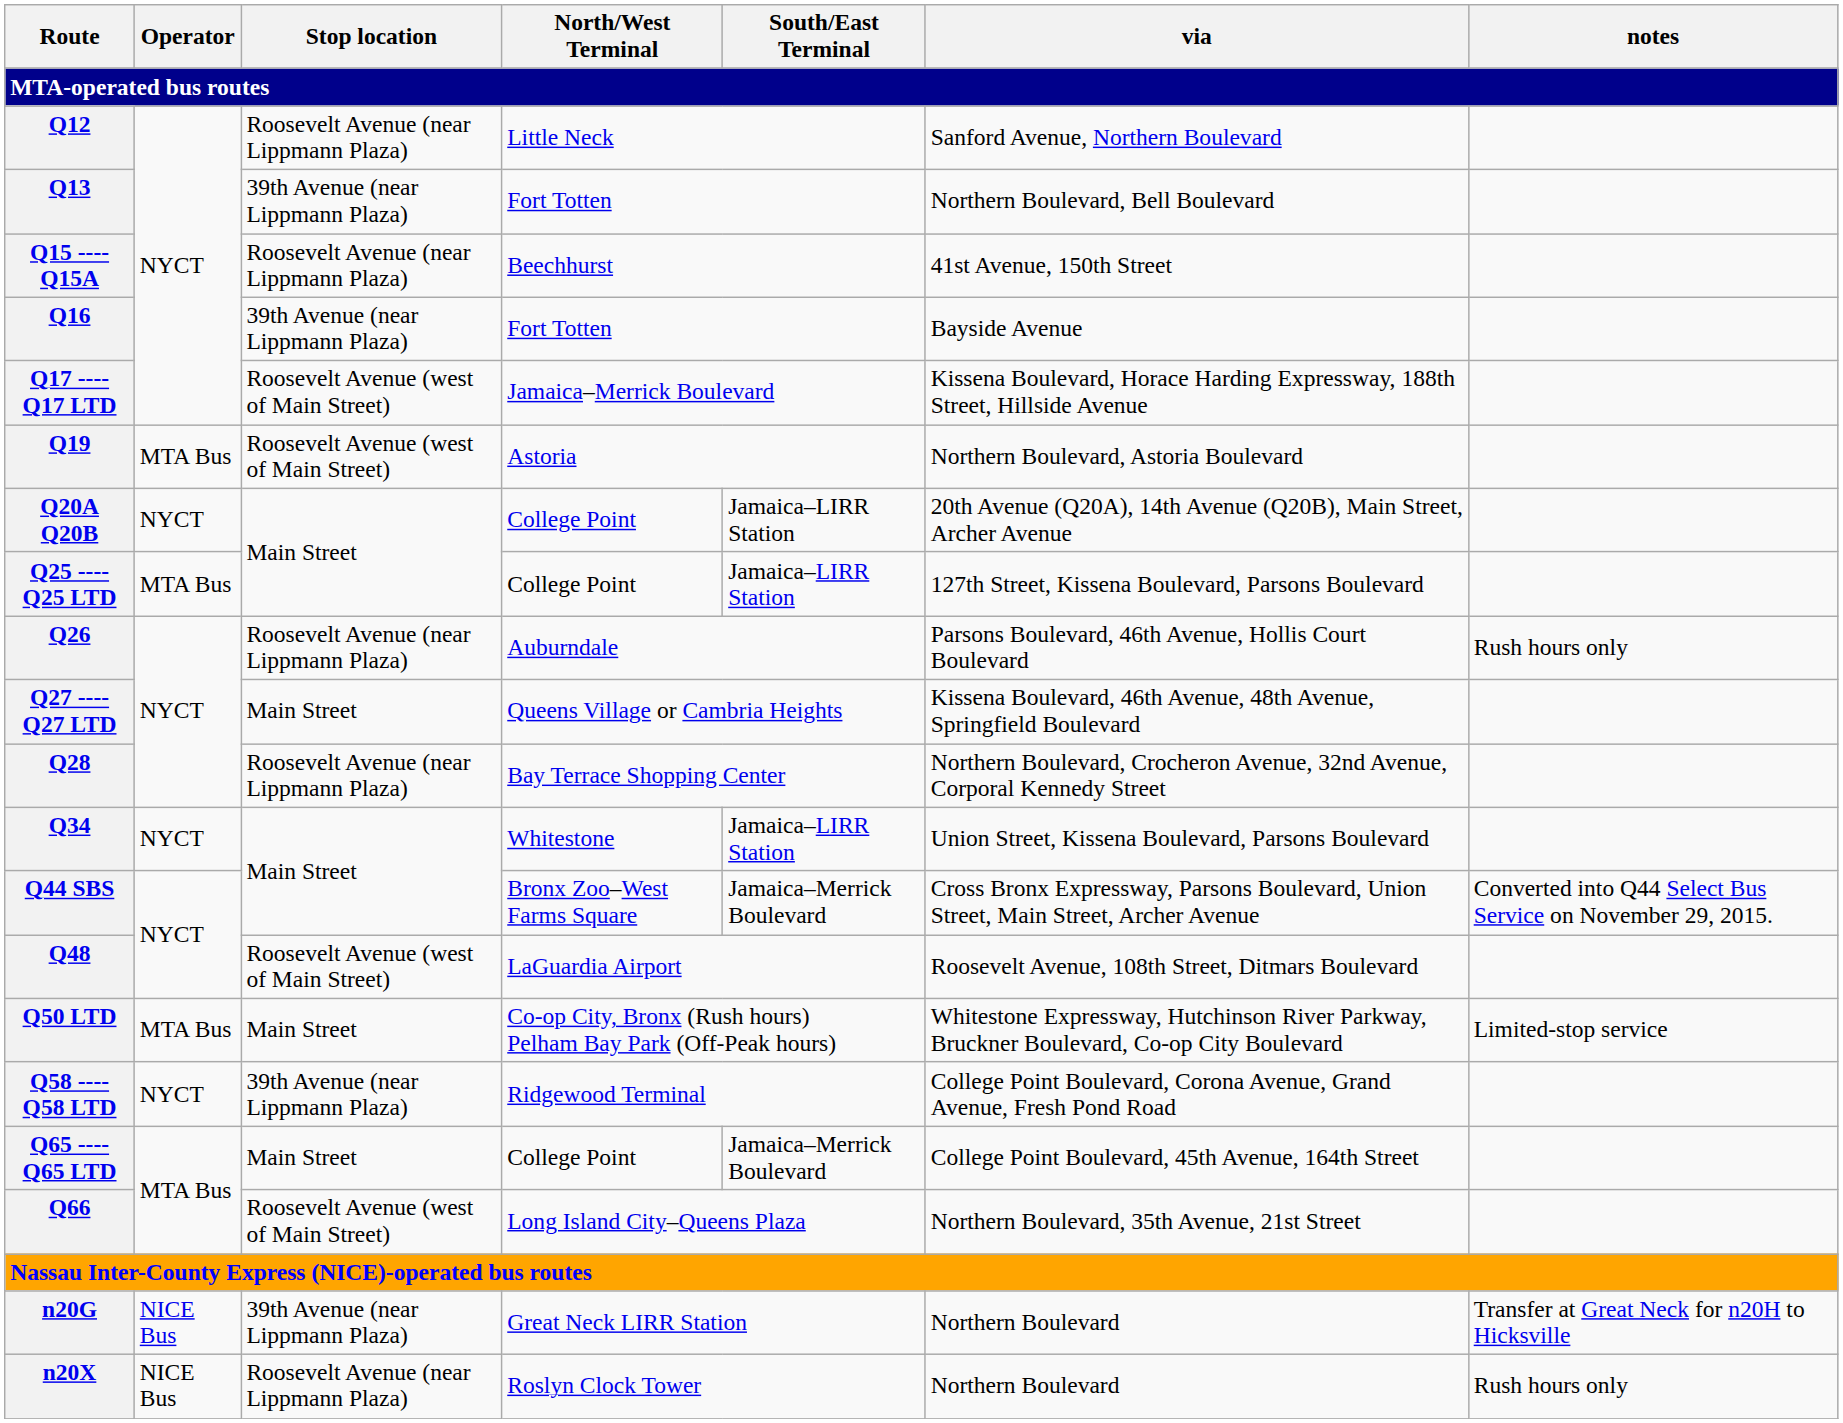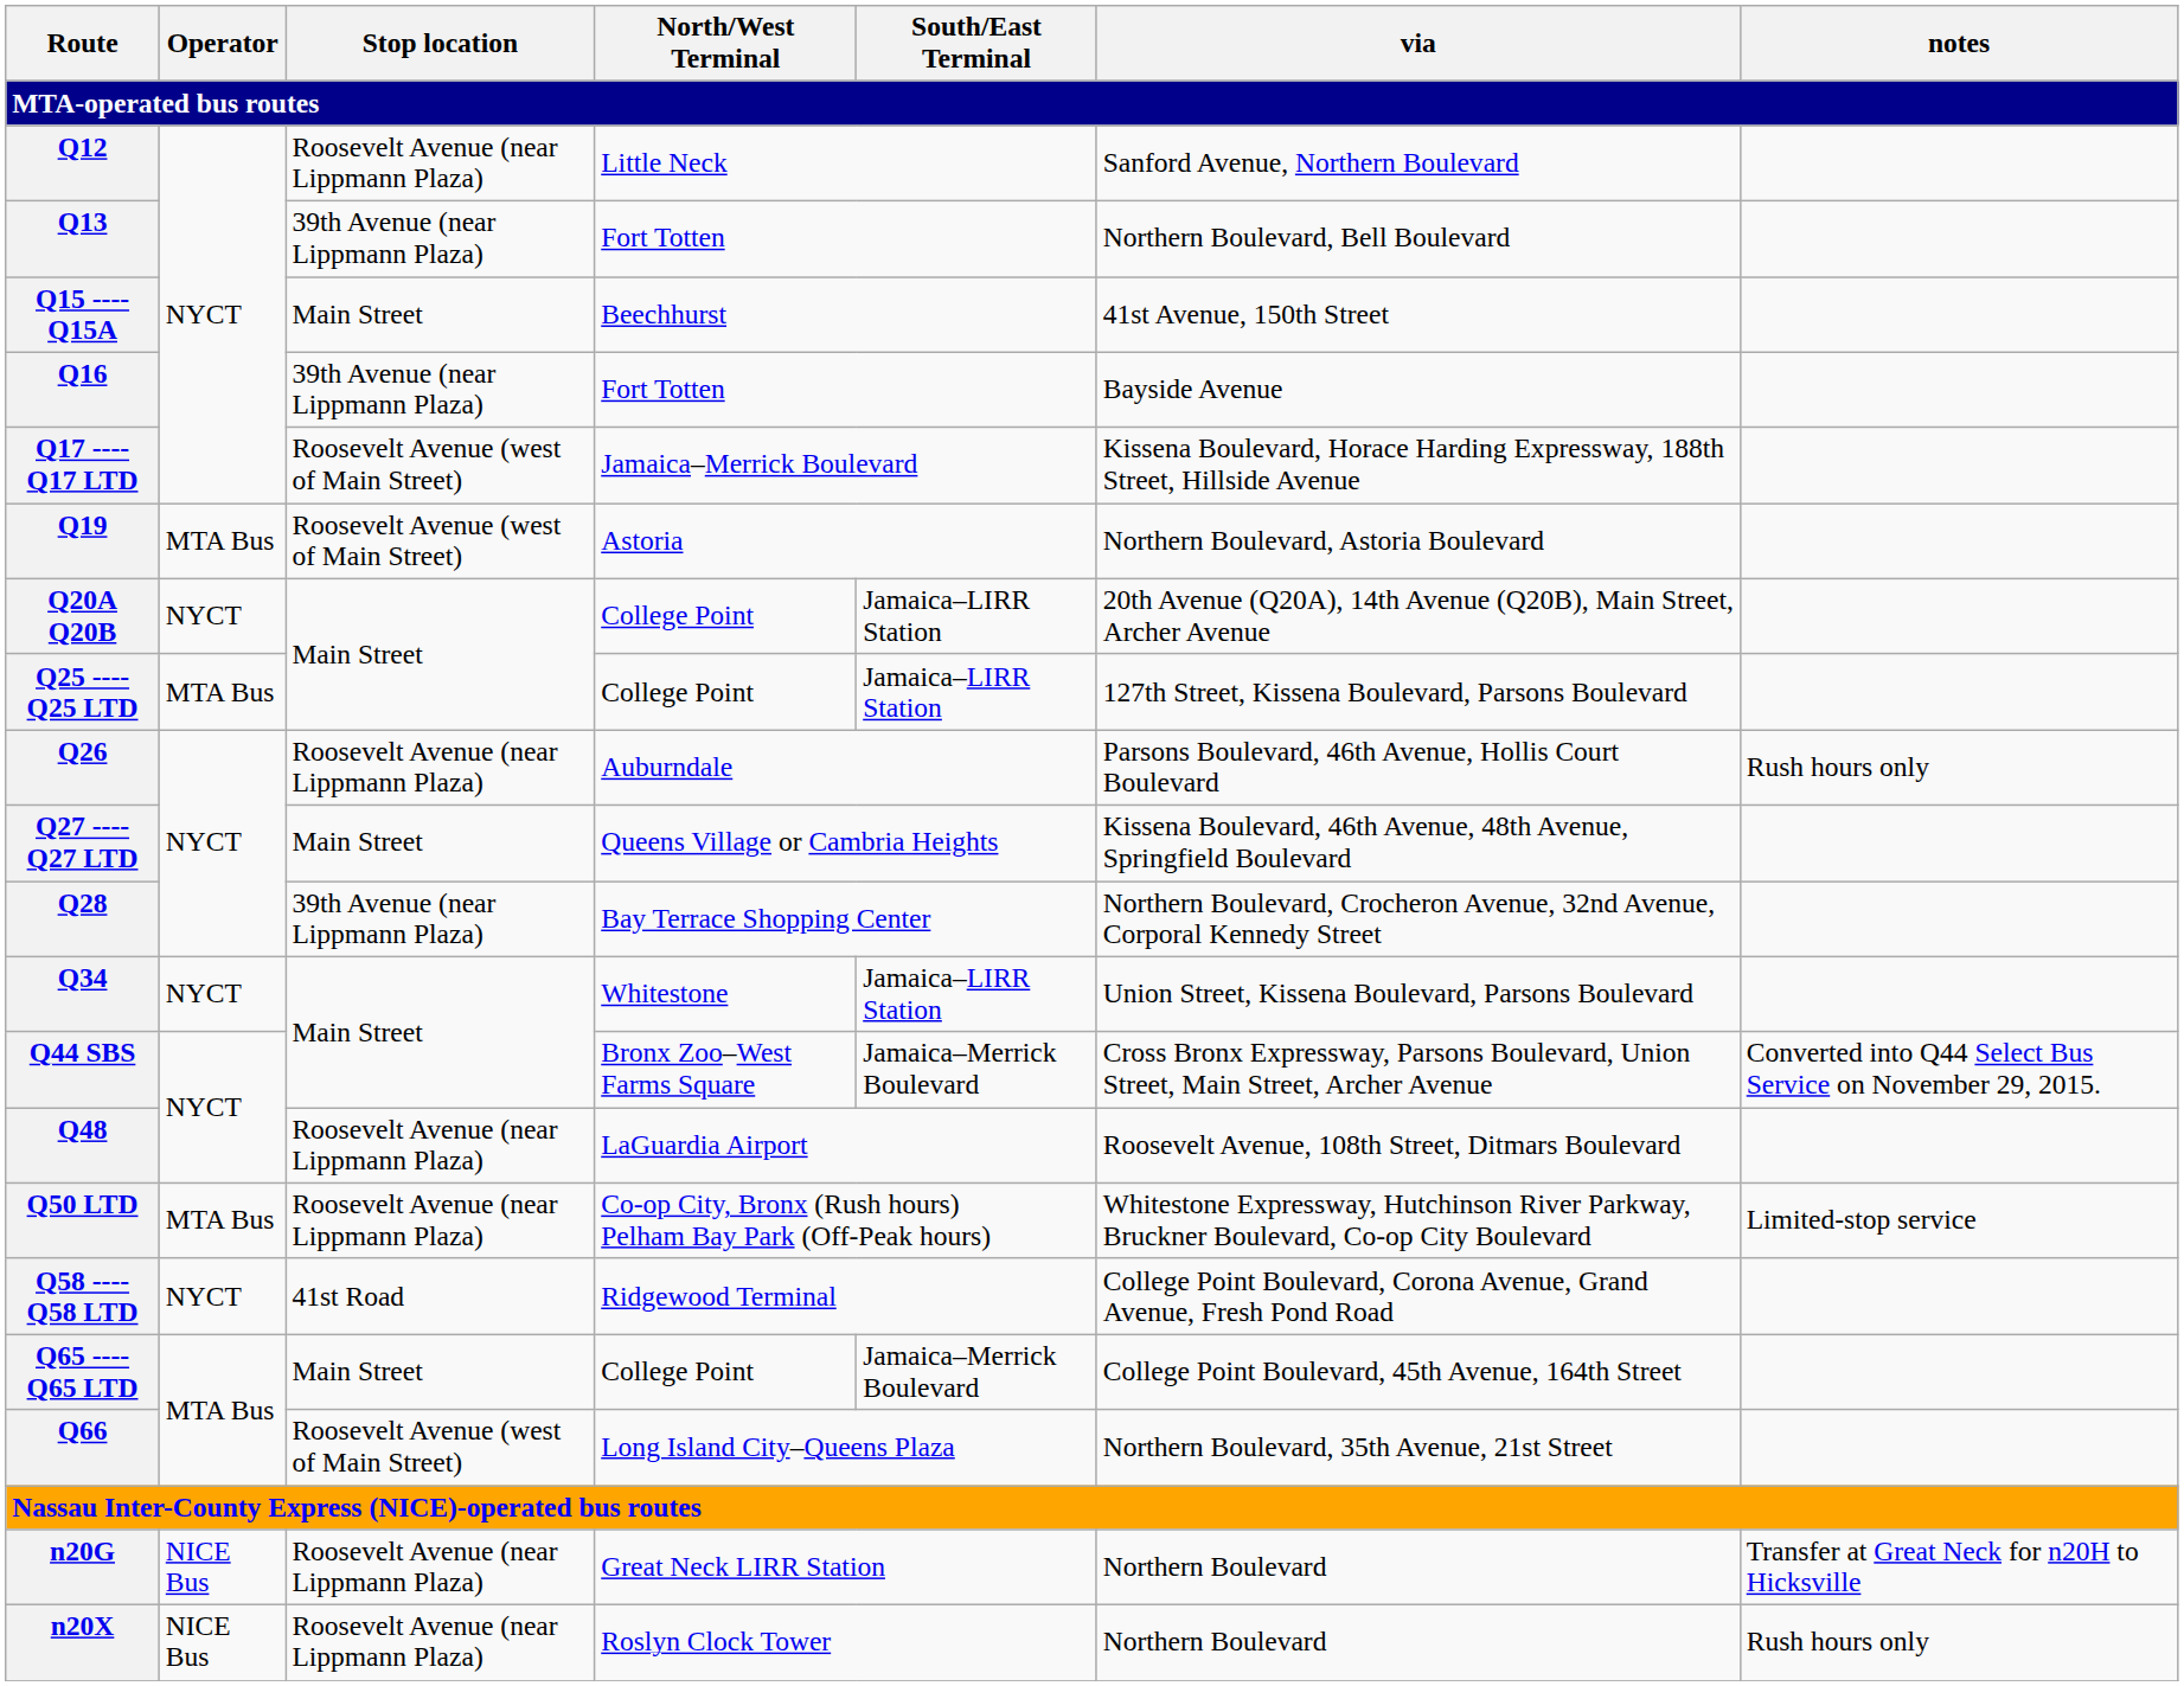 <table class="wikitable" style="font-size: 100%;" |>
 <tr>
 <th>Route</th>
 <th>Operator</th>
 <th>Stop location</th>
 <th>North/West Terminal</th>
 <th>South/East Terminal</th>
 <th>via</th>
 <th>notes</th>
 </tr>
 <tr>
 <td colspan="7" style="background:darkblue; color:white; text-align:left;"><strong>MTA-operated bus routes</strong></td>
 </tr>
 <tr>
 <th valign=top><div><a href='#'>Q12</a></div></th>
 <td rowspan=5>NYCT</td>
 <td>Roosevelt Avenue (near Lippmann Plaza)</td>
 <td colspan=2><a href='#'>Little Neck</a></td>
 <td>Sanford Avenue, <a href='#'>Northern Boulevard</a></td>
 <td></td>
 </tr>
 <tr>
 <th valign=top><div><a href='#'>Q13</a></div></th>
 <td>39th Avenue (near Lippmann Plaza)</td>
 <td colspan=2><a href='#'>Fort Totten</a></td>
 <td>Northern Boulevard, Bell Boulevard</td>
 <td></td>
 </tr>
 <tr>
 <th valign=top><div><a href='#'>Q15 ----Q15A</a></div></th>
-<td>Roosevelt Avenue (near Lippmann Plaza)</td>
+<td>Main Street</td>
 <td colspan=2><a href='#'>Beechhurst</a></td>
 <td>41st Avenue, 150th Street</td>
 <td></td>
 </tr>
 <tr>
 <th valign=top><div><a href='#'>Q16</a></div></th>
 <td>39th Avenue (near Lippmann Plaza)</td>
 <td colspan=2><a href='#'>Fort Totten</a></td>
 <td>Bayside Avenue</td>
 <td></td>
 </tr>
 <tr>
 <th valign=top><div><a href='#'>Q17 ----Q17 LTD</a></div></th>
 <td>Roosevelt Avenue (west of Main Street)</td>
 <td colspan=2><a href='#'>Jamaica</a>–<a href='#'>Merrick Boulevard</a></td>
 <td>Kissena Boulevard, Horace Harding Expressway, 188th Street, Hillside Avenue</td>
 <td></td>
 </tr>
 <tr>
 <th valign=top><div><a href='#'>Q19</a></div></th>
 <td>MTA Bus</td>
 <td>Roosevelt Avenue (west of Main Street)</td>
 <td colspan=2><a href='#'>Astoria</a></td>
 <td>Northern Boulevard, Astoria Boulevard</td>
 <td></td>
 </tr>
 <tr>
 <th valign=top><div><a href='#'>Q20A</a><br><a href='#'>Q20B</a></div></th>
 <td>NYCT</td>
 <td rowspan=2>Main Street</td>
 <td><a href='#'>College Point</a></td>
 <td>Jamaica–LIRR Station</td>
 <td>20th Avenue (Q20A), 14th Avenue (Q20B), Main Street, Archer Avenue</td>
 <td></td>
 </tr>
 <tr>
 <th valign=top><div><a href='#'>Q25 ----Q25 LTD</a></div></th>
 <td>MTA Bus</td>
 <td>College Point</td>
 <td>Jamaica–<a href='#'>LIRR Station</a></td>
 <td>127th Street, Kissena Boulevard, Parsons Boulevard</td>
 <td></td>
 </tr>
 <tr>
 <th valign=top><div><a href='#'>Q26</a></div></th>
 <td rowspan=3>NYCT</td>
 <td>Roosevelt Avenue (near Lippmann Plaza)</td>
 <td colspan=2><a href='#'>Auburndale</a></td>
 <td>Parsons Boulevard, 46th Avenue, Hollis Court Boulevard</td>
 <td>Rush hours only</td>
 </tr>
 <tr>
 <th valign=top><div><a href='#'>Q27 ----Q27 LTD</a></div></th>
 <td>Main Street</td>
 <td colspan=2><a href='#'>Queens Village</a> or <a href='#'>Cambria Heights</a></td>
 <td>Kissena Boulevard, 46th Avenue, 48th Avenue, Springfield Boulevard</td>
 <td></td>
 </tr>
 <tr>
 <th valign=top><div><a href='#'>Q28</a></div></th>
-<td>Roosevelt Avenue (near Lippmann Plaza)</td>
+<td>39th Avenue (near Lippmann Plaza)</td>
 <td colspan=2><a href='#'>Bay Terrace Shopping Center</a></td>
 <td>Northern Boulevard, Crocheron Avenue, 32nd Avenue, Corporal Kennedy Street</td>
 <td></td>
 </tr>
 <tr>
 <th valign=top><div><a href='#'>Q34</a></div></th>
 <td>NYCT</td>
 <td rowspan=2>Main Street</td>
 <td><a href='#'>Whitestone</a></td>
 <td>Jamaica–<a href='#'>LIRR Station</a></td>
 <td>Union Street, Kissena Boulevard, Parsons Boulevard</td>
 <td></td>
 </tr>
 <tr>
 <th valign=top><div><a href='#'>Q44 SBS</a></div></th>
 <td rowspan=2>NYCT</td>
 <td><a href='#'>Bronx Zoo</a>–<a href='#'>West Farms Square</a></td>
 <td>Jamaica–Merrick Boulevard</td>
 <td>Cross Bronx Expressway, Parsons Boulevard, Union Street, Main Street, Archer Avenue</td>
 <td>Converted into Q44 <a href='#'>Select Bus Service</a> on November 29, 2015.</td>
 </tr>
 <tr>
 <th valign=top><div><a href='#'>Q48</a></div></th>
-<td>Roosevelt Avenue (west of Main Street)</td>
+<td>Roosevelt Avenue (near Lippmann Plaza)</td>
 <td colspan=2><a href='#'>LaGuardia Airport</a></td>
 <td>Roosevelt Avenue, 108th Street, Ditmars Boulevard</td>
 <td></td>
 </tr>
 <tr>
 <th valign=top><div><a href='#'>Q50 LTD</a></div></th>
 <td>MTA Bus</td>
-<td>Main Street</td>
+<td>Roosevelt Avenue (near Lippmann Plaza)</td>
 <td colspan=2><a href='#'>Co-op City, Bronx</a> (Rush hours)<br><a href='#'>Pelham Bay Park</a> (Off-Peak hours)</td>
 <td>Whitestone Expressway, Hutchinson River Parkway, Bruckner Boulevard, Co-op City Boulevard</td>
 <td>Limited-stop service</td>
 </tr>
 <tr>
 <th valign=top><div><a href='#'>Q58 ----Q58 LTD</a></div></th>
 <td>NYCT</td>
-<td>39th Avenue (near Lippmann Plaza)</td>
+<td>41st Road</td>
 <td colspan=2><a href='#'>Ridgewood Terminal</a></td>
 <td>College Point Boulevard, Corona Avenue, Grand Avenue, Fresh Pond Road</td>
 <td></td>
 </tr>
 <tr>
 <th valign=top><div><a href='#'>Q65 ----Q65 LTD</a></div></th>
 <td rowspan=2>MTA Bus</td>
 <td>Main Street</td>
 <td>College Point</td>
 <td>Jamaica–Merrick Boulevard</td>
 <td>College Point Boulevard, 45th Avenue, 164th Street</td>
 <td></td>
 </tr>
 <tr>
 <th valign=top><div><a href='#'>Q66</a></div></th>
 <td>Roosevelt Avenue (west of Main Street)</td>
 <td colspan=2><a href='#'>Long Island City</a>–<a href='#'>Queens Plaza</a></td>
 <td>Northern Boulevard, 35th Avenue, 21st Street</td>
 <td></td>
 </tr>
 <tr>
 <td colspan="7" style="background:orange; color:blue; text-align:left;"><strong>Nassau Inter-County Express (NICE)-operated bus routes</strong></td>
 </tr>
 <tr>
 <th valign=top><div><a href='#'>n20G</a></div></th>
 <td><a href='#'>NICE Bus</a></td>
-<td>39th Avenue (near Lippmann Plaza)</td>
+<td>Roosevelt Avenue (near Lippmann Plaza)</td>
 <td colspan=2><a href='#'>Great Neck LIRR Station</a></td>
 <td>Northern Boulevard</td>
 <td>Transfer at <a href='#'>Great Neck</a> for <a href='#'>n20H</a> to <a href='#'>Hicksville</a></td>
 </tr>
 <tr>
 <th valign=top><div><a href='#'>n20X</a></div></th>
 <td>NICE Bus</td>
 <td>Roosevelt Avenue (near Lippmann Plaza)</td>
 <td colspan=2><a href='#'>Roslyn Clock Tower</a></td>
 <td>Northern Boulevard</td>
 <td>Rush hours only</td>
 </tr>
 </table>
